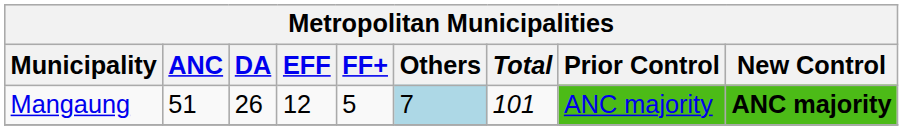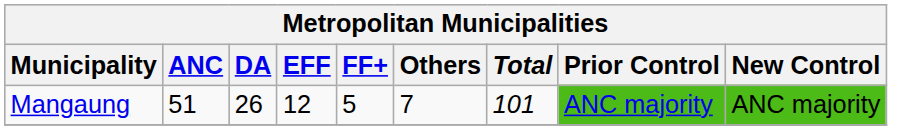 <table class="wikitable">
 <tr>
 <th colspan="9">Metropolitan Municipalities</th>
 </tr>
 <tr>
 <th>Municipality</th>
 <th><a href='#'>ANC</a></th>
 <th><a href='#'>DA</a></th>
 <th><a href='#'>EFF</a></th>
 <th><a href='#'>FF+</a></th>
 <th>Others</th>
 <th><em>Total</em></th>
 <th>Prior Control</th>
 <th>New Control</th>
 </tr>
 <tr>
 <td><a href='#'>Mangaung</a></td>
 <td>51</td>
 <td>26</td>
 <td>12</td>
 <td>5</td>
-<td style="background: lightblue;">7</td>
+<td>7</td>
 <td><em>101</em></td>
 <td style="background:#4CBB17;"><a href='#'>ANC majority</a></td>
-<td style="background:#4CBB17;"><strong>ANC majority</strong></td>
+<td style="background:#4CBB17;">ANC majority</td>
 </tr>
 <tr>
 </tr>
 </table>
